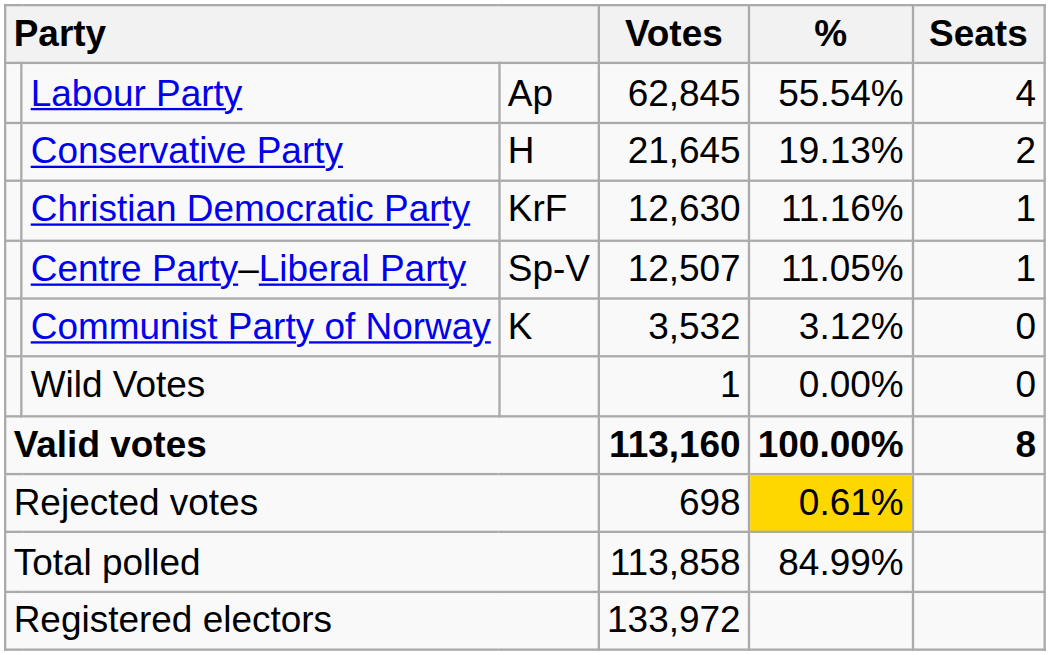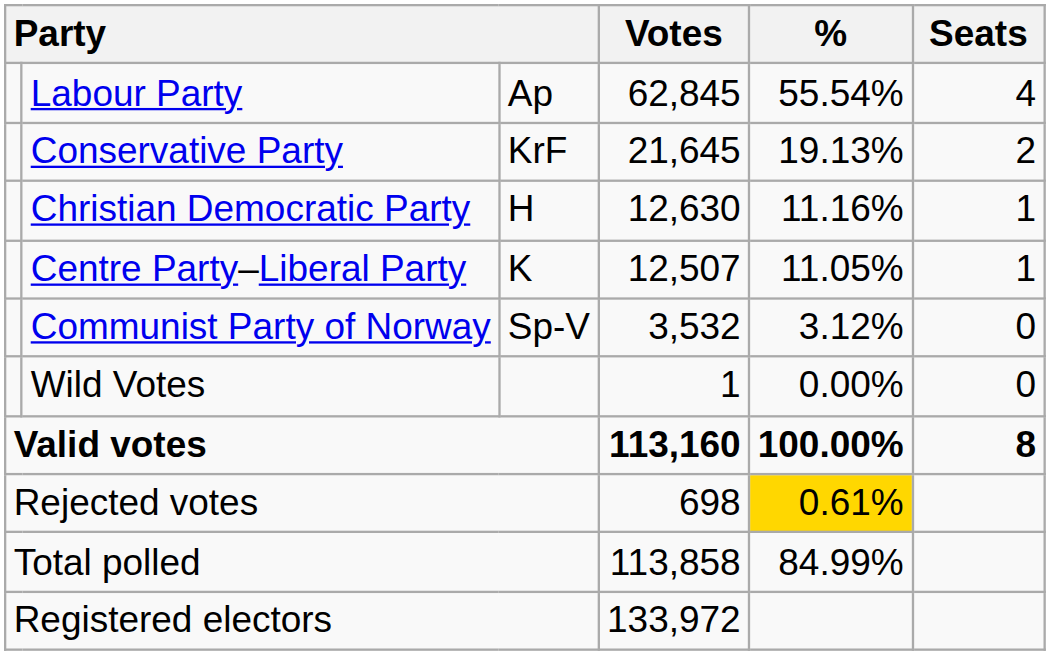 <table class="wikitable" border="1" style="text-align:right;">
 <tr>
 <th style="text-align:left;" colspan=3>Party</th>
 <th align=center width="50">Votes</th>
 <th align=center width="50">%</th>
 <th align=center width="50">Seats</th>
 </tr>
 <tr>
 <td style="color:inherit;background:"></td>
 <td align=left><a href='#'>Labour Party</a></td>
 <td align=left>Ap</td>
 <td>62,845</td>
 <td>55.54%</td>
 <td>4</td>
 </tr>
 <tr>
 <td style="color:inherit;background:"></td>
 <td align=left><a href='#'>Conservative Party</a></td>
-<td align=left>H</td>
+<td align=left>KrF</td>
 <td>21,645</td>
 <td>19.13%</td>
 <td>2</td>
 </tr>
 <tr>
 <td style="color:inherit;background:"></td>
 <td align=left><a href='#'>Christian Democratic Party</a></td>
-<td align=left>KrF</td>
+<td align=left>H</td>
 <td>12,630</td>
 <td>11.16%</td>
 <td>1</td>
 </tr>
 <tr>
 <td></td>
 <td align=left><a href='#'>Centre Party</a>–<a href='#'>Liberal Party</a></td>
-<td align=left>Sp-V</td>
+<td align=left>K</td>
 <td>12,507</td>
 <td>11.05%</td>
 <td>1</td>
 </tr>
 <tr>
 <td style="color:inherit;background:"></td>
 <td align=left><a href='#'>Communist Party of Norway</a></td>
-<td align=left>K</td>
+<td align=left>Sp-V</td>
 <td>3,532</td>
 <td>3.12%</td>
 <td>0</td>
 </tr>
 <tr>
 <td></td>
 <td align=left>Wild Votes</td>
 <td align=left></td>
 <td>1</td>
 <td>0.00%</td>
 <td>0</td>
 </tr>
 <tr style="font-weight:bold">
 <td align=left colspan=3>Valid votes</td>
 <td>113,160</td>
 <td>100.00%</td>
 <td>8</td>
 </tr>
 <tr>
 <td align=left colspan=3>Rejected votes</td>
 <td>698</td>
 <td style="background: gold;">0.61%</td>
 <td></td>
 </tr>
 <tr>
 <td align=left colspan=3>Total polled</td>
 <td>113,858</td>
 <td>84.99%</td>
 <td></td>
 </tr>
 <tr>
 <td align=left colspan=3>Registered electors</td>
 <td>133,972</td>
 <td></td>
 <td></td>
 </tr>
 </table>
